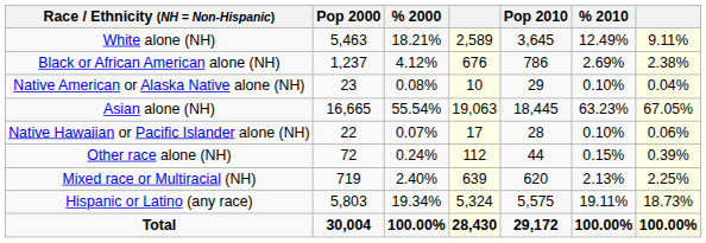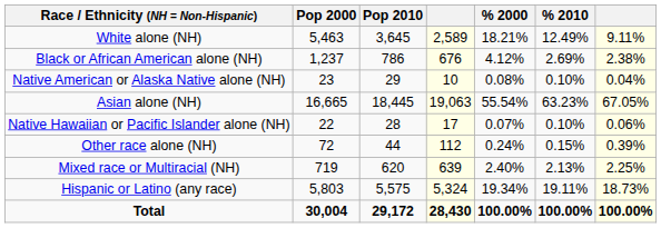 <table class="wikitable" style="text-align:center;">
 <tr>
 <th>Race / Ethnicity <small>(<em>NH = Non-Hispanic</em>)</small></th>
 <th>Pop 2000</th>
+<th>Pop 2010</th>
+<th></th>
 <th>% 2000</th>
-<th></th>
-<th>Pop 2010</th>
 <th>% 2010</th>
 <th></th>
 </tr>
 <tr>
 <td><a href='#'>White</a> alone (NH)</td>
 <td>5,463</td>
+<td>3,645</td>
+<td style='background: #ffffe6;'>2,589</td>
 <td>18.21%</td>
-<td style='background: #ffffe6;'>2,589</td>
-<td>3,645</td>
 <td>12.49%</td>
 <td style='background: #ffffe6;'>9.11%</td>
 </tr>
 <tr>
 <td><a href='#'>Black or African American</a> alone (NH)</td>
 <td>1,237</td>
+<td>786</td>
+<td style='background: #ffffe6;'>676</td>
 <td>4.12%</td>
-<td style='background: #ffffe6;'>676</td>
-<td>786</td>
 <td>2.69%</td>
 <td style='background: #ffffe6;'>2.38%</td>
 </tr>
 <tr>
 <td><a href='#'>Native American</a> or <a href='#'>Alaska Native</a> alone (NH)</td>
 <td>23</td>
+<td>29</td>
+<td style='background: #ffffe6;'>10</td>
 <td>0.08%</td>
-<td style='background: #ffffe6;'>10</td>
-<td>29</td>
 <td>0.10%</td>
 <td style='background: #ffffe6;'>0.04%</td>
 </tr>
 <tr>
 <td><a href='#'>Asian</a> alone (NH)</td>
 <td>16,665</td>
+<td>18,445</td>
+<td style='background: #ffffe6;'>19,063</td>
 <td>55.54%</td>
-<td style='background: #ffffe6;'>19,063</td>
-<td>18,445</td>
 <td>63.23%</td>
 <td style='background: #ffffe6;'>67.05%</td>
 </tr>
 <tr>
 <td><a href='#'>Native Hawaiian</a> or <a href='#'>Pacific Islander</a> alone (NH)</td>
 <td>22</td>
+<td>28</td>
+<td style='background: #ffffe6;'>17</td>
 <td>0.07%</td>
-<td style='background: #ffffe6;'>17</td>
-<td>28</td>
 <td>0.10%</td>
 <td style='background: #ffffe6;'>0.06%</td>
 </tr>
 <tr>
 <td><a href='#'>Other race</a> alone (NH)</td>
 <td>72</td>
+<td>44</td>
+<td style='background: #ffffe6;'>112</td>
 <td>0.24%</td>
-<td style='background: #ffffe6;'>112</td>
-<td>44</td>
 <td>0.15%</td>
 <td style='background: #ffffe6;'>0.39%</td>
 </tr>
 <tr>
 <td><a href='#'>Mixed race or Multiracial</a> (NH)</td>
 <td>719</td>
+<td>620</td>
+<td style='background: #ffffe6;'>639</td>
 <td>2.40%</td>
-<td style='background: #ffffe6;'>639</td>
-<td>620</td>
 <td>2.13%</td>
 <td style='background: #ffffe6;'>2.25%</td>
 </tr>
 <tr>
 <td><a href='#'>Hispanic or Latino</a> (any race)</td>
 <td>5,803</td>
+<td>5,575</td>
+<td style='background: #ffffe6;'>5,324</td>
 <td>19.34%</td>
-<td style='background: #ffffe6;'>5,324</td>
-<td>5,575</td>
 <td>19.11%</td>
 <td style='background: #ffffe6;'>18.73%</td>
 </tr>
 <tr>
 <td><strong>Total</strong></td>
 <td><strong>30,004</strong></td>
+<td><strong>29,172</strong></td>
+<td style='background: #ffffe6;'><strong>28,430</strong></td>
 <td><strong>100.00%</strong></td>
-<td style='background: #ffffe6;'><strong>28,430</strong></td>
-<td><strong>29,172</strong></td>
 <td><strong>100.00%</strong></td>
 <td style='background: #ffffe6;'><strong>100.00%</strong></td>
 </tr>
 </table>
